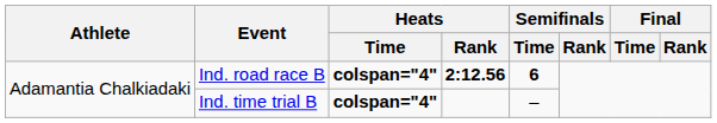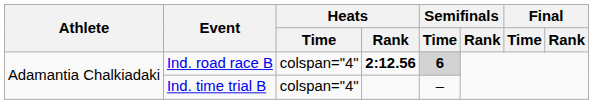 <table class=wikitable>
 <tr>
 <th rowspan="2">Athlete</th>
 <th rowspan="2">Event</th>
 <th colspan="2">Heats</th>
 <th colspan="2">Semifinals</th>
 <th colspan="2">Final</th>
 </tr>
 <tr>
 <th>Time</th>
 <th>Rank</th>
 <th>Time</th>
 <th>Rank</th>
 <th>Time</th>
 <th>Rank</th>
 </tr>
 <tr>
 <td rowspan=2>Adamantia Chalkiadaki</td>
 <td><a href='#'>Ind. road race B</a></td>
-<td><strong>colspan="4" </strong></td>
+<td>colspan="4" </td>
 <td align="center"><strong>2:12.56</strong></td>
-<td align="center"><strong>6</strong></td>
+<td align="center" style="background: lightgrey;"><strong>6</strong></td>
 </tr>
 <tr>
 <td><a href='#'>Ind. time trial B</a></td>
-<td><strong>colspan="4" </strong></td>
+<td>colspan="4" </td>
 <td align="center"></td>
 <td align="center">–</td>
 </tr>
 </table>
